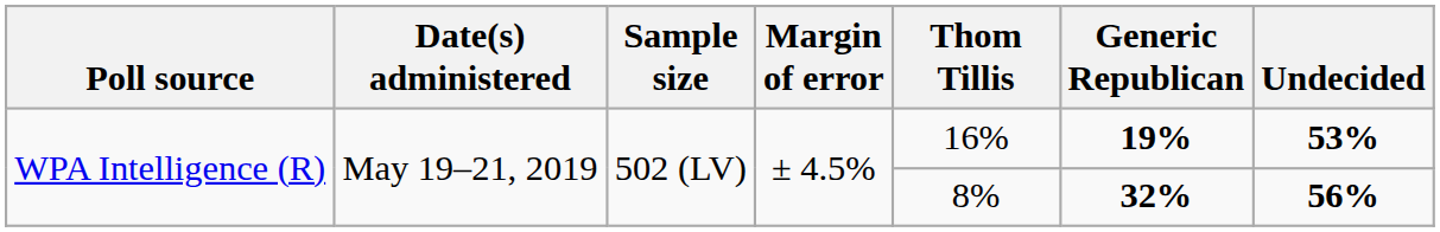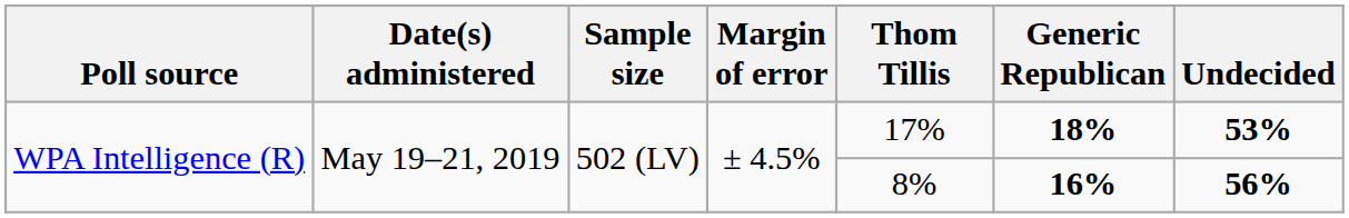 <table class="wikitable" style="font-size:90%;text-align:center;">
 <tr valign=bottom>
 <th>Poll source</th>
 <th>Date(s)<br>administered</th>
 <th>Sample<br>size</th>
 <th>Margin<br>of error</th>
 <th style="width:60px;">Thom<br>Tillis</th>
 <th style="width:60px;">Generic<br>Republican</th>
 <th>Undecided</th>
 </tr>
 <tr>
 <td rowspan=2 style="text-align:left;"><a href='#'>WPA Intelligence (R)</a></td>
 <td rowspan=2>May 19–21, 2019</td>
 <td rowspan=2>502 (LV)</td>
 <td rowspan=2>± 4.5%</td>
-<td>16%</td>
-<td><strong>19%</strong></td>
+<td>17%</td>
+<td><strong>18%</strong></td>
 <td><strong>53%</strong></td>
 </tr>
 <tr>
 <td>8%</td>
-<td><strong>32%</strong></td>
+<td><strong>16%</strong></td>
 <td><strong>56%</strong></td>
 </tr>
 </table>
